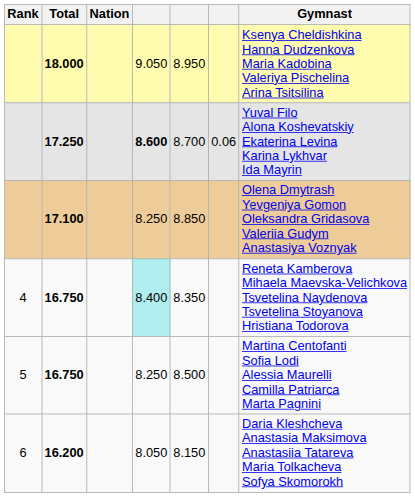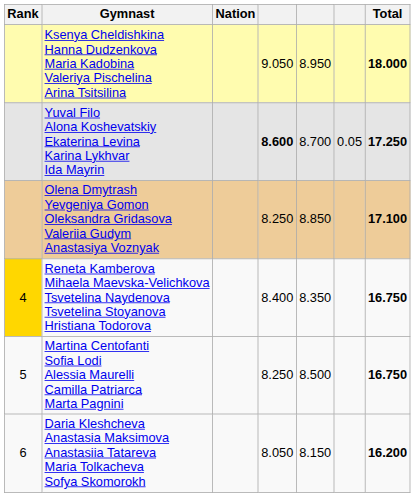 <table class="wikitable sortable" style="text-align:center">
 <tr>
 <th>Rank</th>
-<th>Total</th>
+<th>Gymnast</th>
 <th>Nation</th>
 <th><small></small></th>
 <th><small></small></th>
 <th><small></small></th>
-<th>Gymnast</th>
+<th>Total</th>
 </tr>
 <tr bgcolor=fffcaf>
 <td></td>
-<td><strong>18.000</strong></td>
+<td align=left><a href='#'>Ksenya Cheldishkina</a><br><a href='#'>Hanna Dudzenkova</a><br><a href='#'>Maria Kadobina</a><br><a href='#'>Valeriya Pischelina</a><br><a href='#'>Arina Tsitsilina</a></td>
 <td align=left></td>
 <td>9.050</td>
 <td>8.950</td>
 <td></td>
-<td align=left><a href='#'>Ksenya Cheldishkina</a><br><a href='#'>Hanna Dudzenkova</a><br><a href='#'>Maria Kadobina</a><br><a href='#'>Valeriya Pischelina</a><br><a href='#'>Arina Tsitsilina</a></td>
+<td><strong>18.000</strong></td>
 </tr>
 <tr bgcolor=e5e5e5>
 <td></td>
-<td><strong>17.250</strong></td>
+<td align=left><a href='#'>Yuval Filo</a><br><a href='#'>Alona Koshevatskiy</a><br><a href='#'>Ekaterina Levina</a><br><a href='#'>Karina Lykhvar</a><br><a href='#'>Ida Mayrin</a></td>
 <td align=left></td>
 <td><strong>8.600</strong></td>
 <td>8.700</td>
-<td>0.06</td>
-<td align=left><a href='#'>Yuval Filo</a><br><a href='#'>Alona Koshevatskiy</a><br><a href='#'>Ekaterina Levina</a><br><a href='#'>Karina Lykhvar</a><br><a href='#'>Ida Mayrin</a></td>
+<td>0.05</td>
+<td><strong>17.250</strong></td>
 </tr>
 <tr bgcolor=eecc99>
 <td></td>
-<td><strong>17.100</strong></td>
+<td align=left><a href='#'>Olena Dmytrash</a><br><a href='#'>Yevgeniya Gomon</a><br><a href='#'>Oleksandra Gridasova</a><br><a href='#'>Valeriia Gudym</a><br><a href='#'>Anastasiya Voznyak</a></td>
 <td align=left></td>
 <td>8.250</td>
 <td>8.850</td>
 <td></td>
-<td align=left><a href='#'>Olena Dmytrash</a><br><a href='#'>Yevgeniya Gomon</a><br><a href='#'>Oleksandra Gridasova</a><br><a href='#'>Valeriia Gudym</a><br><a href='#'>Anastasiya Voznyak</a></td>
+<td><strong>17.100</strong></td>
 </tr>
 <tr>
-<td>4</td>
-<td><strong>16.750</strong></td>
+<td style="background: gold;">4</td>
+<td align=left><a href='#'>Reneta Kamberova</a><br><a href='#'>Mihaela Maevska-Velichkova</a><br><a href='#'>Tsvetelina Naydenova</a><br><a href='#'>Tsvetelina Stoyanova</a><br><a href='#'>Hristiana Todorova</a></td>
 <td align=left></td>
-<td style="background: paleturquoise;">8.400</td>
+<td>8.400</td>
 <td>8.350</td>
 <td></td>
-<td align=left><a href='#'>Reneta Kamberova</a><br><a href='#'>Mihaela Maevska-Velichkova</a><br><a href='#'>Tsvetelina Naydenova</a><br><a href='#'>Tsvetelina Stoyanova</a><br><a href='#'>Hristiana Todorova</a></td>
+<td><strong>16.750</strong></td>
 </tr>
 <tr>
 <td>5</td>
-<td><strong>16.750</strong></td>
+<td align="left"><a href='#'>Martina Centofanti</a><br><a href='#'>Sofia Lodi</a><br><a href='#'>Alessia Maurelli</a><br><a href='#'>Camilla Patriarca</a><br><a href='#'>Marta Pagnini</a></td>
 <td align=left></td>
 <td>8.250</td>
 <td>8.500</td>
 <td></td>
-<td align="left"><a href='#'>Martina Centofanti</a><br><a href='#'>Sofia Lodi</a><br><a href='#'>Alessia Maurelli</a><br><a href='#'>Camilla Patriarca</a><br><a href='#'>Marta Pagnini</a></td>
+<td><strong>16.750</strong></td>
 </tr>
 <tr>
 <td>6</td>
-<td><strong>16.200</strong></td>
+<td align="left"><a href='#'>Daria Kleshcheva</a><br><a href='#'>Anastasia Maksimova</a><br><a href='#'>Anastasiia Tatareva</a><br><a href='#'>Maria Tolkacheva</a><br><a href='#'>Sofya Skomorokh</a></td>
 <td align=left></td>
 <td>8.050</td>
 <td>8.150</td>
 <td></td>
-<td align="left"><a href='#'>Daria Kleshcheva</a><br><a href='#'>Anastasia Maksimova</a><br><a href='#'>Anastasiia Tatareva</a><br><a href='#'>Maria Tolkacheva</a><br><a href='#'>Sofya Skomorokh</a></td>
+<td><strong>16.200</strong></td>
 </tr>
 </table>
